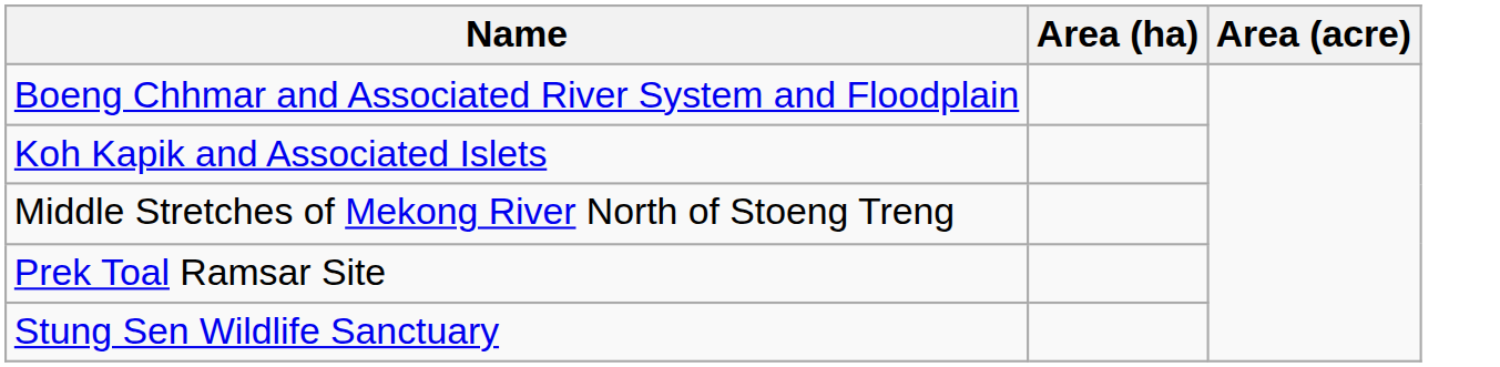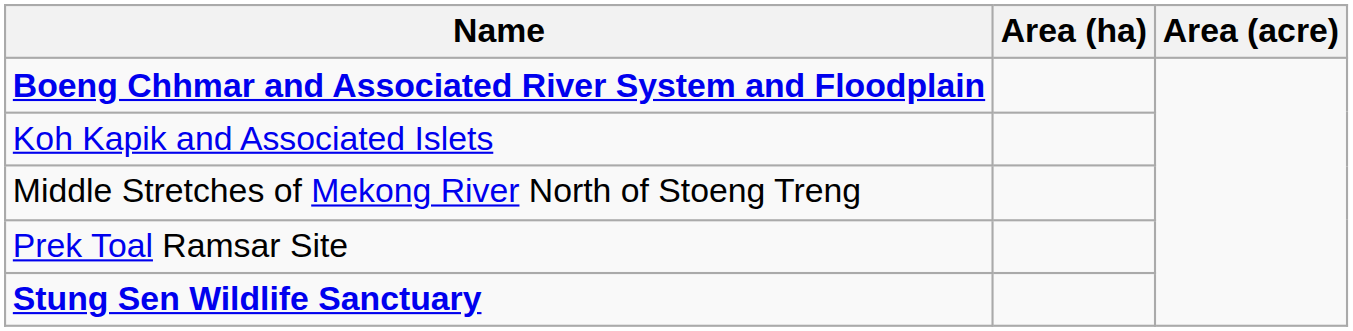 <table class="wikitable sortable">
 <tr>
 <th scope="col" align=left>Name</th>
 <th scope="col">Area (ha)</th>
 <th scope="col">Area (acre)</th>
 </tr>
 <tr ---->
-<td><a href='#'>Boeng Chhmar and Associated River System and Floodplain</a></td>
+<td><strong><a href='#'>Boeng Chhmar and Associated River System and Floodplain</a></strong></td>
 <td></td>
 </tr>
 <tr ---->
 <td><a href='#'>Koh Kapik and Associated Islets</a></td>
 <td></td>
 </tr>
 <tr ---->
 <td>Middle Stretches of <a href='#'>Mekong River</a> North of Stoeng Treng</td>
 <td></td>
 </tr>
 <tr ---->
 <td><a href='#'>Prek Toal</a> Ramsar Site</td>
 <td></td>
 </tr>
 <tr ---->
-<td><a href='#'>Stung Sen Wildlife Sanctuary</a></td>
+<td><strong><a href='#'>Stung Sen Wildlife Sanctuary</a></strong></td>
 <td></td>
 </tr>
 </table>
